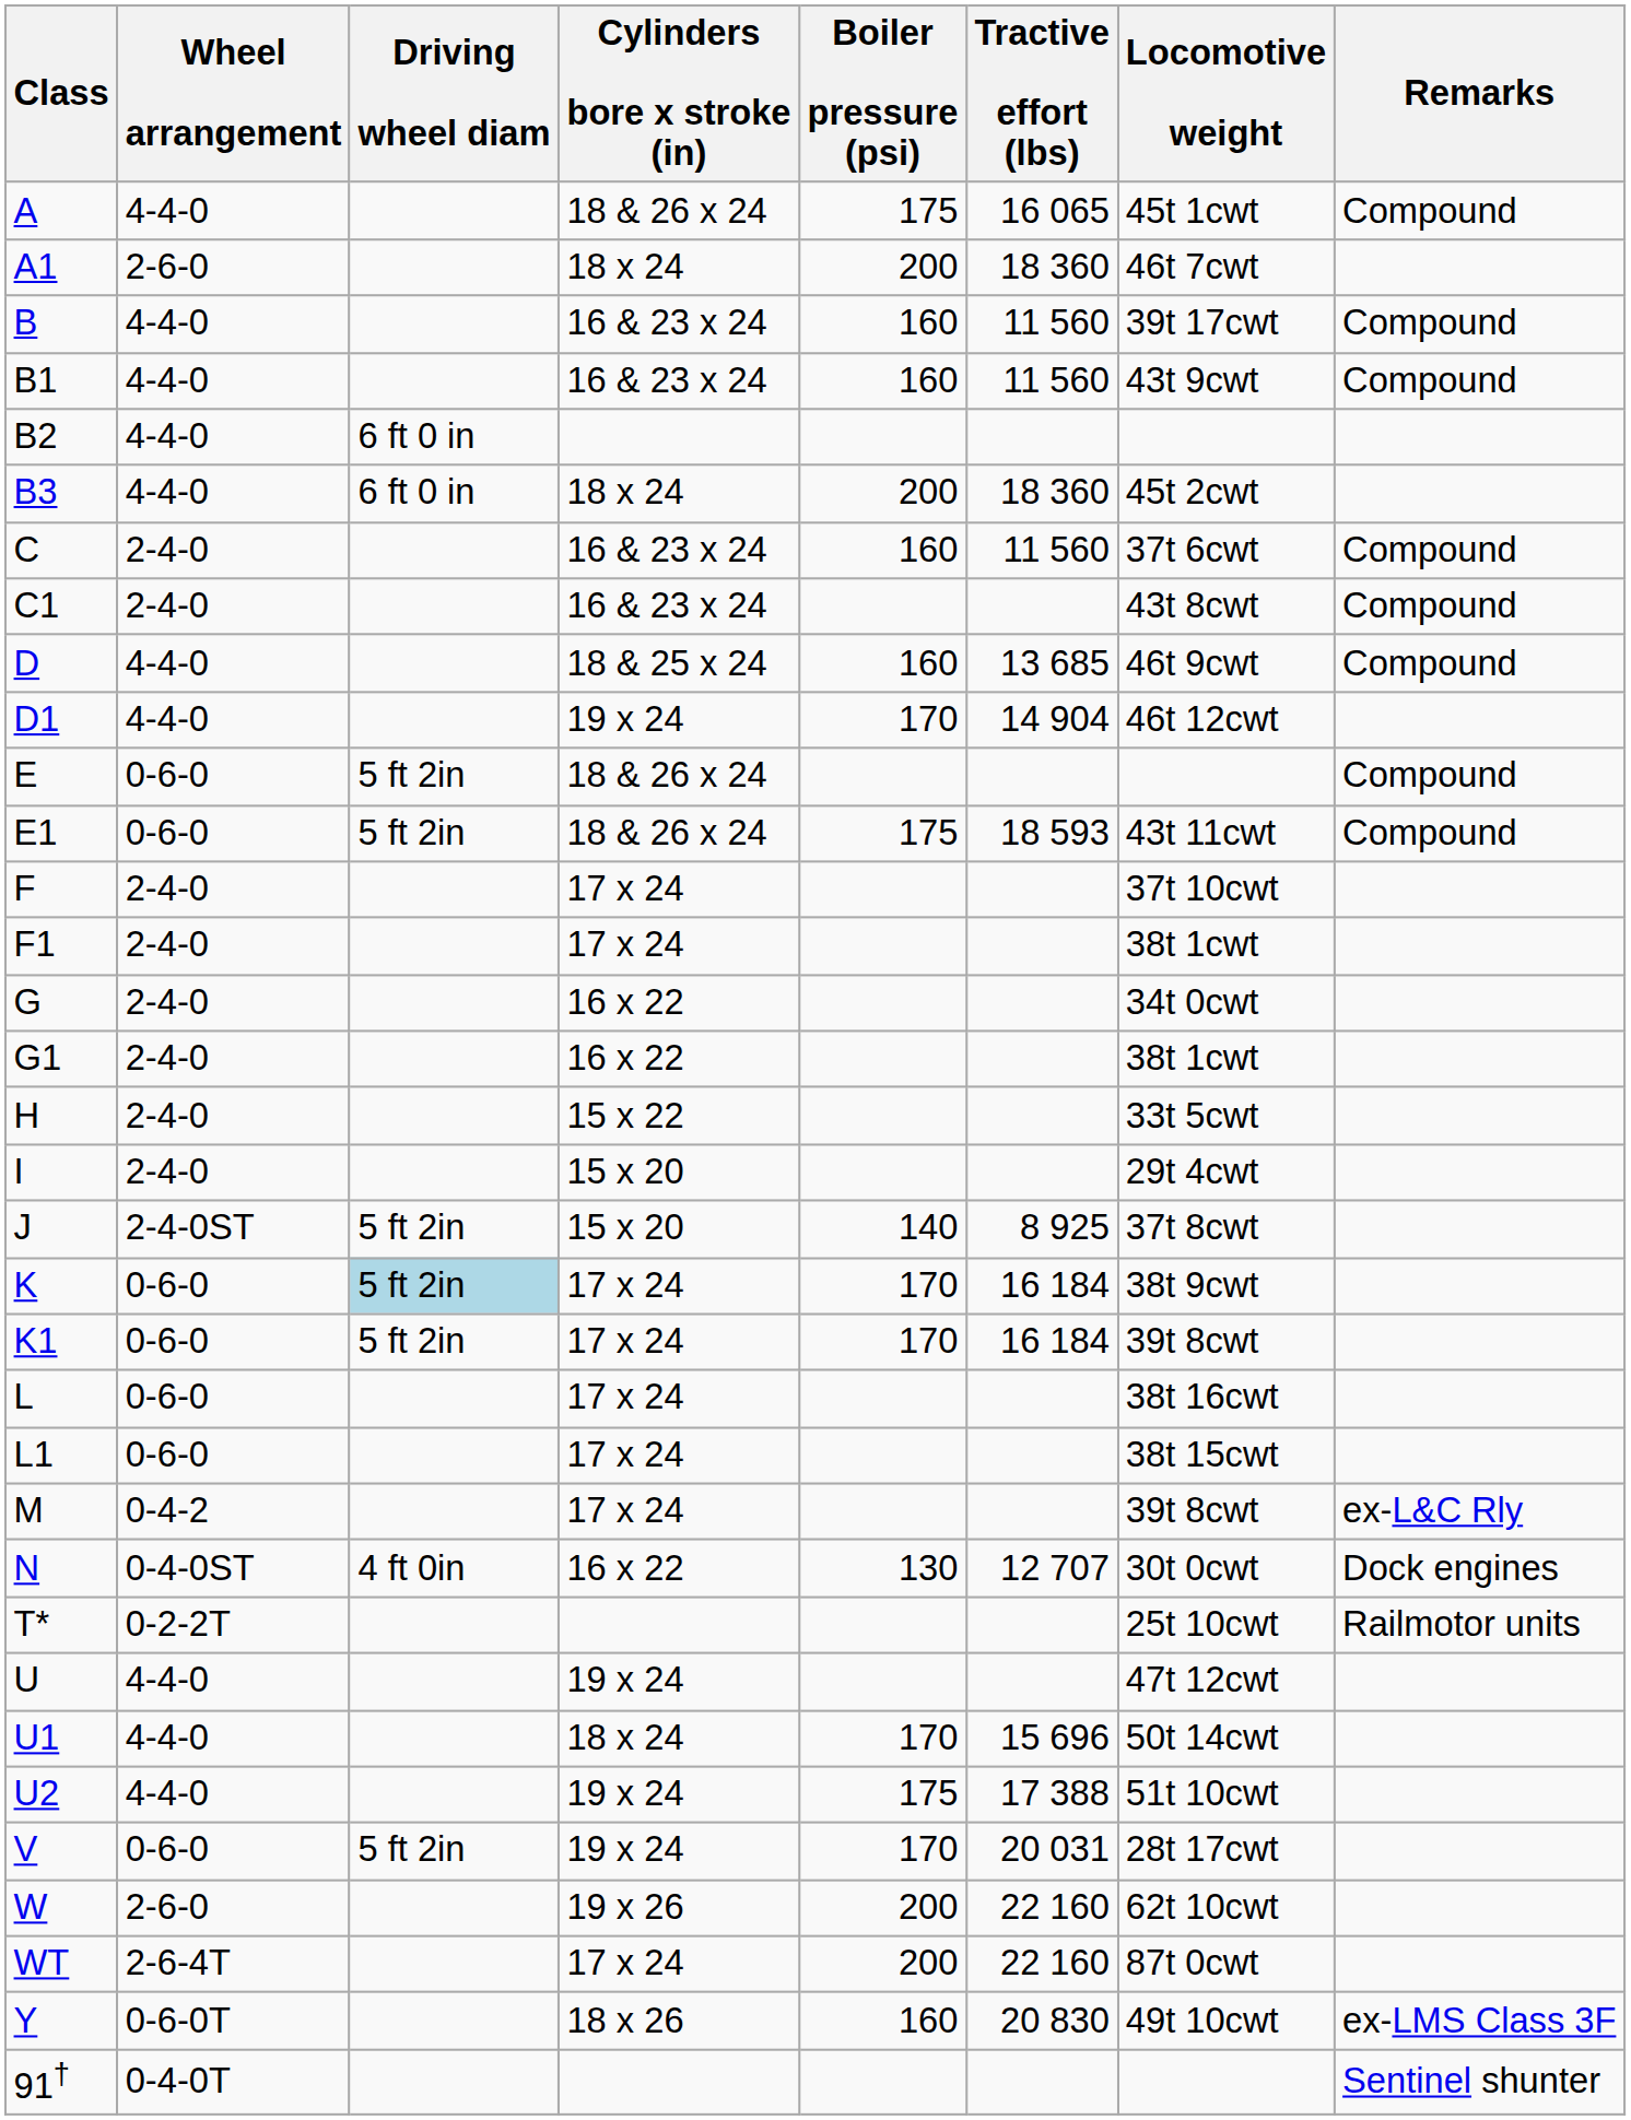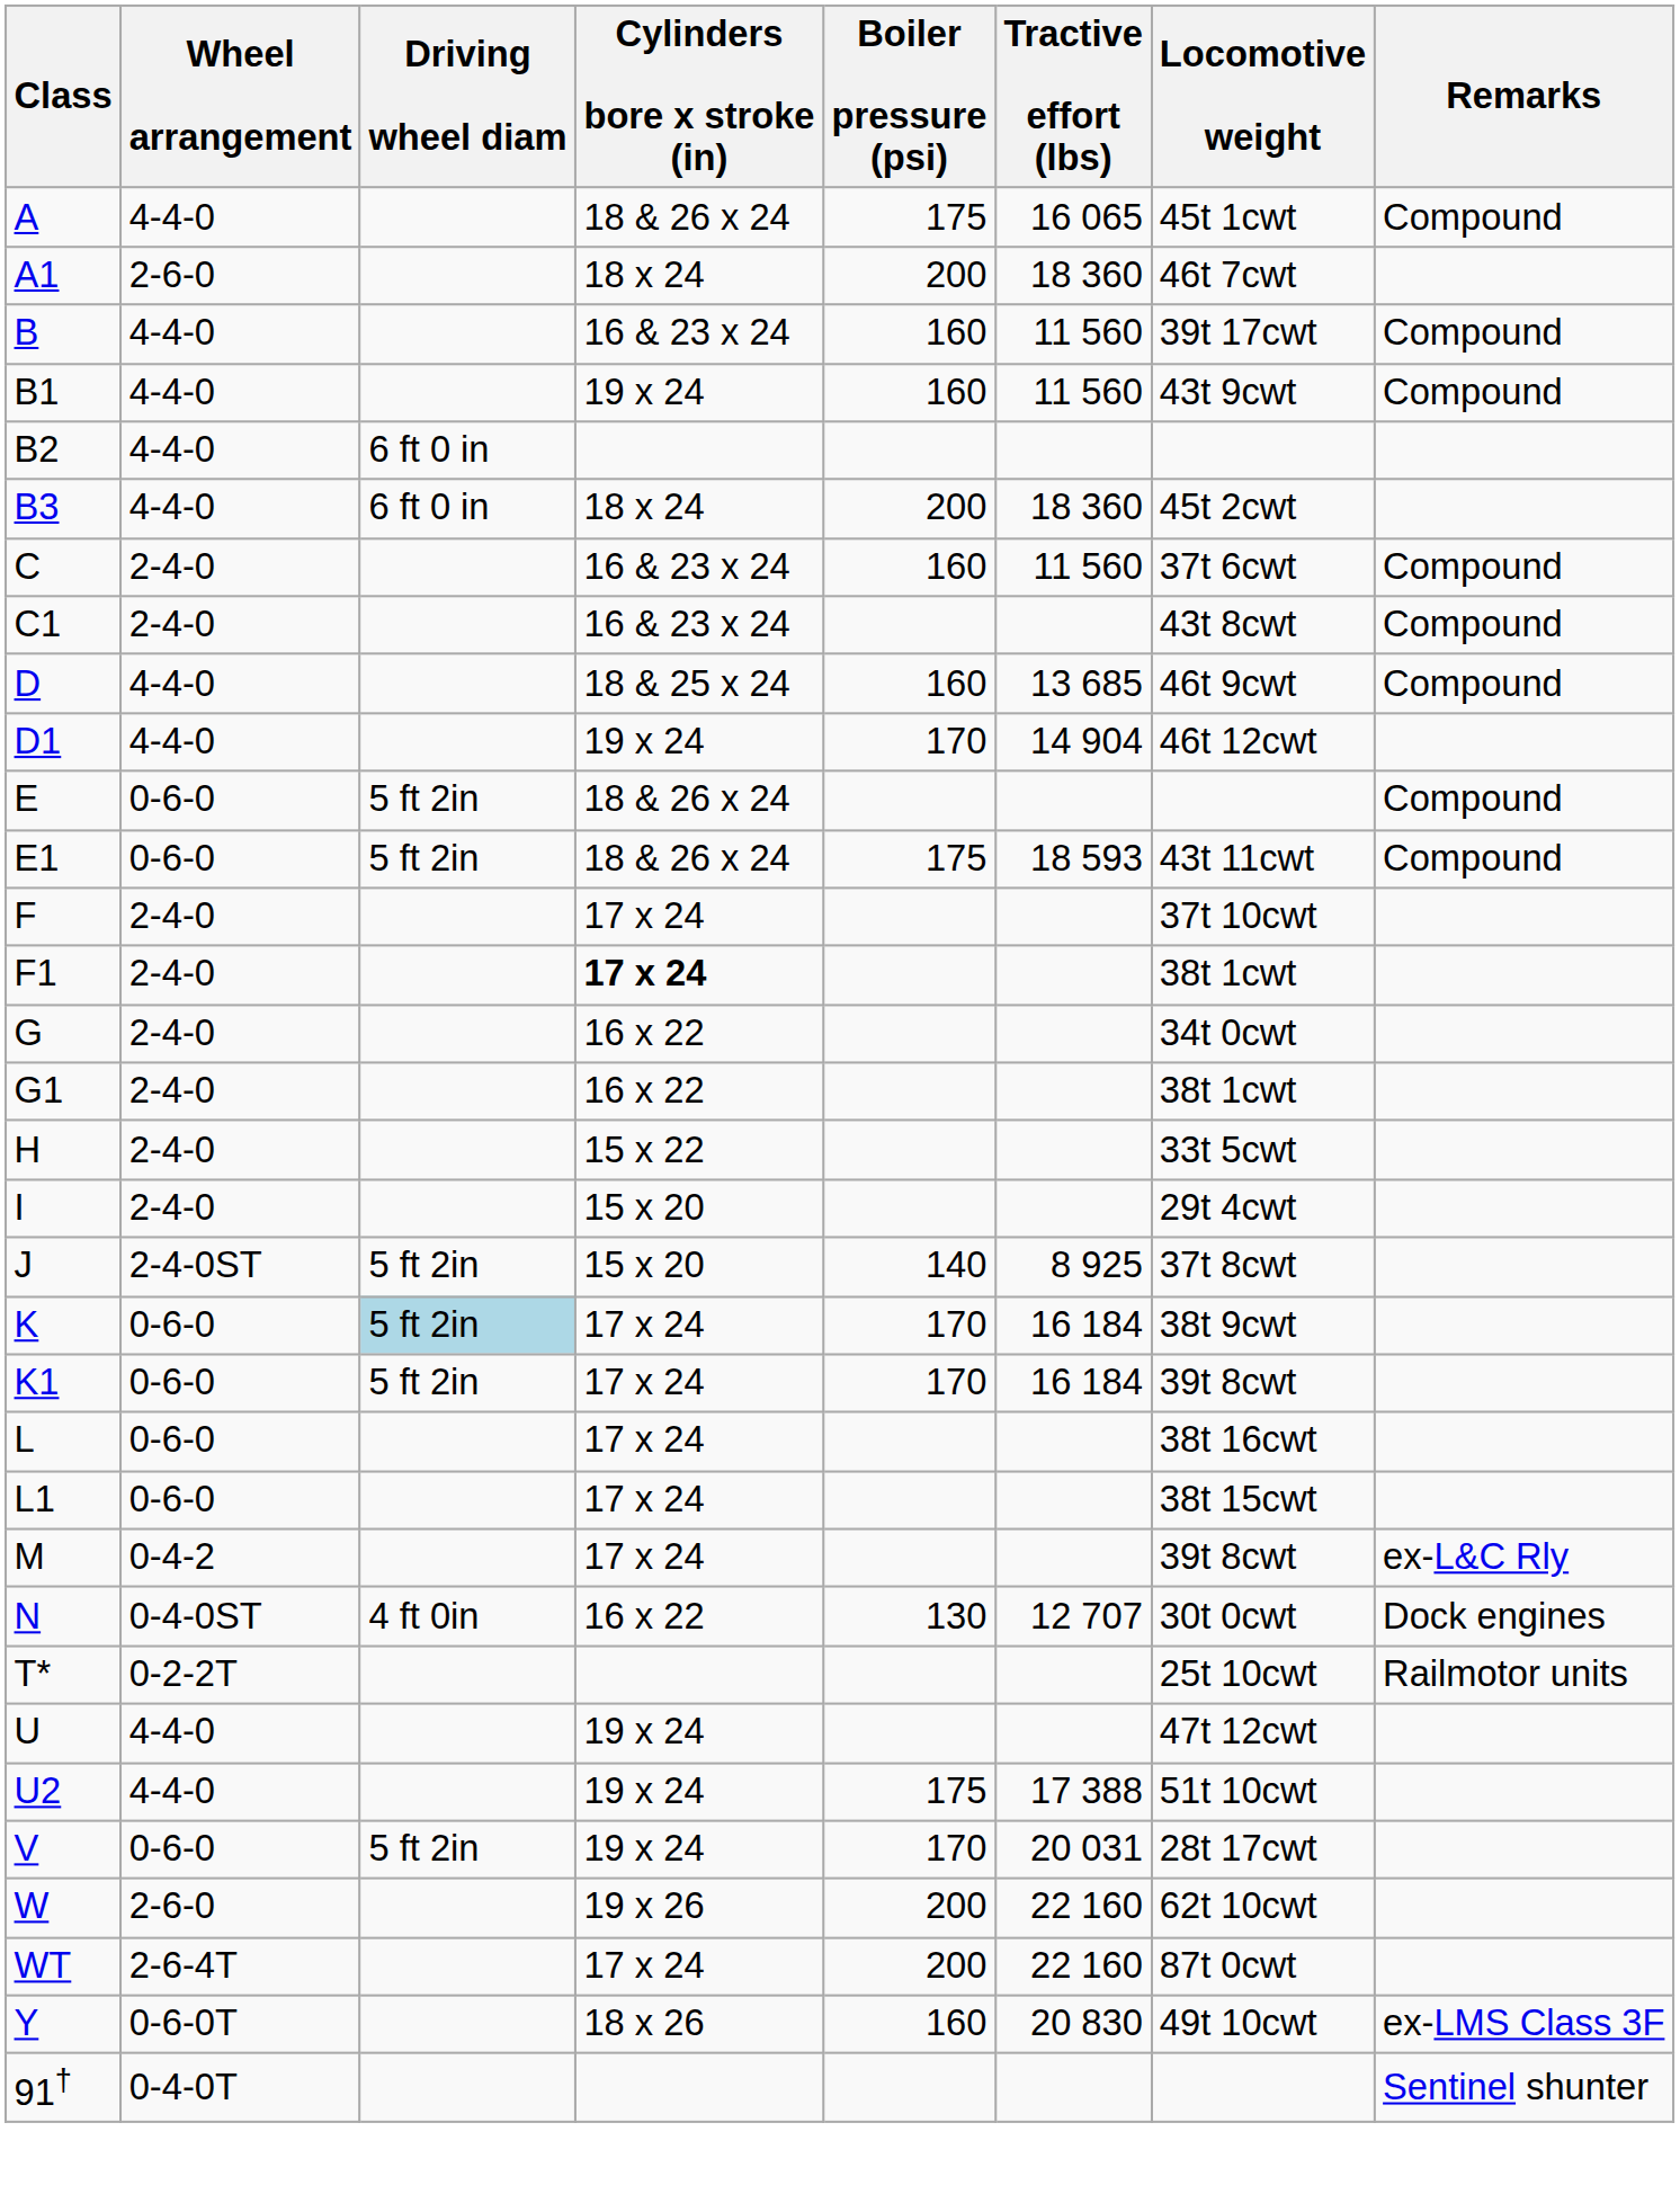 <table class="wikitable">
 <tr>
 <th>Class</th>
 <th>Wheel <br><br>arrangement</th>
 <th>Driving <br><br>wheel diam</th>
 <th>Cylinders <br><br>bore x stroke <br> (in)</th>
 <th>Boiler <br><br>pressure <br> (psi)</th>
 <th>Tractive <br><br>effort <br> (lbs)</th>
 <th>Locomotive <br><br>weight</th>
 <th>Remarks</th>
 </tr>
 <tr>
 <td><a href='#'>A</a></td>
 <td>4-4-0</td>
 <td></td>
 <td>18 & 26 x 24</td>
 <td align=right>175</td>
 <td align=right>16 065</td>
 <td>45t 1cwt</td>
 <td>Compound</td>
 </tr>
 <tr>
 <td><a href='#'>A1</a></td>
 <td>2-6-0</td>
 <td></td>
 <td>18 x 24</td>
 <td align=right>200</td>
 <td align=right>18 360</td>
 <td>46t 7cwt</td>
 <td></td>
 </tr>
 <tr>
 <td><a href='#'>B</a></td>
 <td>4-4-0</td>
 <td></td>
 <td>16 & 23 x 24</td>
 <td align=right>160</td>
 <td align=right>11 560</td>
 <td>39t 17cwt</td>
 <td>Compound</td>
 </tr>
 <tr>
 <td>B1</td>
 <td>4-4-0</td>
 <td></td>
-<td>16 & 23 x 24</td>
+<td>19 x 24</td>
 <td align=right>160</td>
 <td align=right>11 560</td>
 <td>43t 9cwt</td>
 <td>Compound</td>
 </tr>
 <tr>
 <td>B2</td>
 <td>4-4-0</td>
 <td>6 ft 0 in</td>
 <td></td>
 <td></td>
 <td></td>
 <td></td>
 <td></td>
 </tr>
 <tr>
 <td><a href='#'>B3</a></td>
 <td>4-4-0</td>
 <td>6 ft 0 in</td>
 <td>18 x 24</td>
 <td align=right>200</td>
 <td align=right>18 360</td>
 <td>45t 2cwt</td>
 <td></td>
 </tr>
 <tr>
 <td>C</td>
 <td>2-4-0</td>
 <td></td>
 <td>16 & 23 x 24</td>
 <td align=right>160</td>
 <td align=right>11 560</td>
 <td>37t 6cwt</td>
 <td>Compound</td>
 </tr>
 <tr>
 <td>C1</td>
 <td>2-4-0</td>
 <td></td>
 <td>16 & 23 x 24</td>
 <td></td>
 <td></td>
 <td>43t 8cwt</td>
 <td>Compound</td>
 </tr>
 <tr>
 <td><a href='#'>D</a></td>
 <td>4-4-0</td>
 <td></td>
 <td>18 & 25 x 24</td>
 <td align=right>160</td>
 <td align=right>13 685</td>
 <td>46t 9cwt</td>
 <td>Compound</td>
 </tr>
 <tr>
 <td><a href='#'>D1</a></td>
 <td>4-4-0</td>
 <td></td>
 <td>19 x 24</td>
 <td align=right>170</td>
 <td align=right>14 904</td>
 <td>46t 12cwt</td>
 <td></td>
 </tr>
 <tr>
 <td>E</td>
 <td>0-6-0</td>
 <td>5 ft 2in</td>
 <td>18 & 26 x 24</td>
 <td></td>
 <td></td>
 <td></td>
 <td>Compound</td>
 </tr>
 <tr>
 <td>E1</td>
 <td>0-6-0</td>
 <td>5 ft 2in</td>
 <td>18 & 26 x 24</td>
 <td align=right>175</td>
 <td align=right>18 593</td>
 <td>43t 11cwt</td>
 <td>Compound</td>
 </tr>
 <tr>
 <td>F</td>
 <td>2-4-0</td>
 <td></td>
 <td>17 x 24</td>
 <td></td>
 <td></td>
 <td>37t 10cwt</td>
 <td></td>
 </tr>
 <tr>
 <td>F1</td>
 <td>2-4-0</td>
 <td></td>
-<td>17 x 24</td>
+<td><strong>17 x 24</strong></td>
 <td></td>
 <td></td>
 <td>38t 1cwt</td>
 <td></td>
 </tr>
 <tr>
 <td>G</td>
 <td>2-4-0</td>
 <td></td>
 <td>16 x 22</td>
 <td></td>
 <td></td>
 <td>34t 0cwt</td>
 <td></td>
 </tr>
 <tr>
 <td>G1</td>
 <td>2-4-0</td>
 <td></td>
 <td>16 x 22</td>
 <td></td>
 <td></td>
 <td>38t 1cwt</td>
 <td></td>
 </tr>
 <tr>
 <td>H</td>
 <td>2-4-0</td>
 <td></td>
 <td>15 x 22</td>
 <td></td>
 <td></td>
 <td>33t 5cwt</td>
 <td></td>
 </tr>
 <tr>
 <td>I</td>
 <td>2-4-0</td>
 <td></td>
 <td>15 x 20</td>
 <td></td>
 <td></td>
 <td>29t 4cwt</td>
 <td></td>
 </tr>
 <tr>
 <td>J</td>
 <td>2-4-0ST</td>
 <td>5 ft 2in</td>
 <td>15 x 20</td>
 <td align=right>140</td>
 <td align=right>8 925</td>
 <td>37t 8cwt</td>
 <td></td>
 </tr>
 <tr>
 <td><a href='#'>K</a></td>
 <td>0-6-0</td>
 <td style="background: lightblue;">5 ft 2in</td>
 <td>17 x 24</td>
 <td align=right>170</td>
 <td align=right>16 184</td>
 <td>38t 9cwt</td>
 <td></td>
 </tr>
 <tr>
 <td><a href='#'>K1</a></td>
 <td>0-6-0</td>
 <td>5 ft 2in</td>
 <td>17 x 24</td>
 <td align=right>170</td>
 <td align=right>16 184</td>
 <td>39t 8cwt</td>
 <td></td>
 </tr>
 <tr>
 <td>L</td>
 <td>0-6-0</td>
 <td></td>
 <td>17 x 24</td>
 <td></td>
 <td></td>
 <td>38t 16cwt</td>
 <td></td>
 </tr>
 <tr>
 <td>L1</td>
 <td>0-6-0</td>
 <td></td>
 <td>17 x 24</td>
 <td></td>
 <td></td>
 <td>38t 15cwt</td>
 <td></td>
 </tr>
 <tr>
 <td>M</td>
 <td>0-4-2</td>
 <td></td>
 <td>17 x 24</td>
 <td></td>
 <td></td>
 <td>39t 8cwt</td>
 <td>ex-<a href='#'>L&C Rly</a></td>
 </tr>
 <tr>
 <td><a href='#'>N</a></td>
 <td>0-4-0ST</td>
 <td>4 ft 0in</td>
 <td>16 x 22</td>
 <td align=right>130</td>
 <td align=right>12 707</td>
 <td>30t 0cwt</td>
 <td>Dock engines</td>
 </tr>
 <tr>
 <td>T*</td>
 <td>0-2-2T</td>
 <td></td>
 <td></td>
 <td></td>
 <td></td>
 <td>25t 10cwt</td>
 <td>Railmotor units</td>
 </tr>
 <tr>
 <td>U</td>
 <td>4-4-0</td>
 <td></td>
 <td>19 x 24</td>
 <td></td>
 <td></td>
 <td>47t 12cwt</td>
 <td></td>
 </tr>
 <tr>
-<td><a href='#'>U1</a></td>
-<td>4-4-0</td>
-<td></td>
-<td>18 x 24</td>
-<td align=right>170</td>
-<td align=right>15 696</td>
-<td>50t 14cwt</td>
-<td></td>
-</tr>
-<tr>
 <td><a href='#'>U2</a></td>
 <td>4-4-0</td>
 <td></td>
 <td>19 x 24</td>
 <td align=right>175</td>
 <td align=right>17 388</td>
 <td>51t 10cwt</td>
 <td></td>
 </tr>
 <tr>
 <td><a href='#'>V</a></td>
 <td>0-6-0</td>
 <td>5 ft 2in</td>
 <td>19 x 24</td>
 <td align=right>170</td>
 <td align=right>20 031</td>
 <td>28t 17cwt</td>
 <td></td>
 </tr>
 <tr>
 <td><a href='#'>W</a></td>
 <td>2-6-0</td>
 <td></td>
 <td>19 x 26</td>
 <td align=right>200</td>
 <td align=right>22 160</td>
 <td>62t 10cwt</td>
 <td></td>
 </tr>
 <tr>
 <td><a href='#'>WT</a></td>
 <td>2-6-4T</td>
 <td></td>
 <td>17 x 24</td>
 <td align=right>200</td>
 <td align=right>22 160</td>
 <td>87t 0cwt</td>
 <td></td>
 </tr>
 <tr>
 <td><a href='#'>Y</a></td>
 <td>0-6-0T</td>
 <td></td>
 <td>18 x 26</td>
 <td align=right>160</td>
 <td align=right>20 830</td>
 <td>49t 10cwt</td>
 <td>ex-<a href='#'>LMS Class 3F</a></td>
 </tr>
 <tr>
 <td>91<sup>†</sup></td>
 <td>0-4-0T</td>
 <td></td>
 <td></td>
 <td></td>
 <td></td>
 <td></td>
 <td><a href='#'>Sentinel</a> shunter</td>
 </tr>
 </table>
